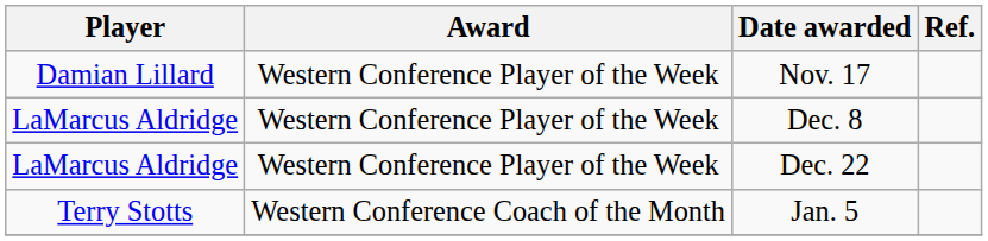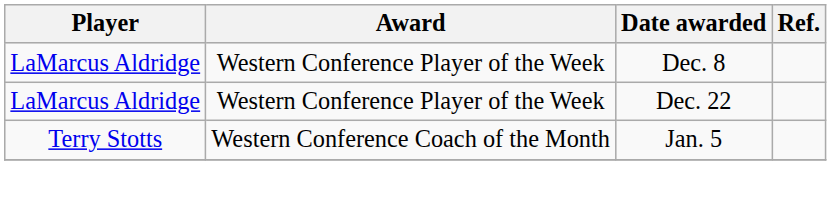 <table class="wikitable sortable sortable" style="text-align: center">
 <tr>
 <th>Player</th>
 <th>Award</th>
 <th>Date awarded</th>
 <th>Ref.</th>
-</tr>
-<tr>
-<td><a href='#'>Damian Lillard</a></td>
-<td>Western Conference Player of the Week</td>
-<td>Nov. 17</td>
-<td></td>
 </tr>
 <tr>
 <td><a href='#'>LaMarcus Aldridge</a></td>
 <td>Western Conference Player of the Week</td>
 <td>Dec. 8</td>
 <td></td>
 </tr>
 <tr>
 <td><a href='#'>LaMarcus Aldridge</a></td>
 <td>Western Conference Player of the Week</td>
 <td>Dec. 22</td>
 <td></td>
 </tr>
 <tr>
 <td><a href='#'>Terry Stotts</a></td>
 <td>Western Conference Coach of the Month</td>
 <td>Jan. 5</td>
 <td></td>
 </tr>
 <tr>
 </tr>
 </table>
